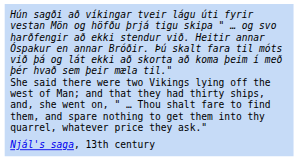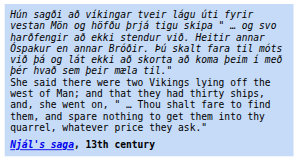 <table class="toccolours" style="float: right; margin-left: 1em; margin-right: 2em; font-size: 85%; background:#c6dbf7; width:30em; max-width: 27%;" cellspacing="5">
 <tr>
 <td style="text-align: left;"><em>Hún sagði að víkingar tveir lágu úti fyrir vestan Mön og höfðu þrjá tigu skipa " … og svo harðfengir að ekki stendur við. Heitir annar Óspakur en annar Bróðir. Þú skalt fara til móts við þá og lát ekki að skorta að koma þeim í með þér hvað sem þeir mæla til."</em><br>She said there were two Vikings lying off the west of Man; and that they had thirty ships, and, she went on, " … Thou shalt fare to find them, and spare nothing to get them into thy quarrel, whatever price they ask."</td>
 </tr>
 <tr>
-<td style="text-align: left;"><em><a href='#'>Njál's saga</a></em>, 13th century</td>
+<td style="text-align: left;"><strong><em><a href='#'>Njál's saga</a></em>, 13th century</strong></td>
 </tr>
 </table>
